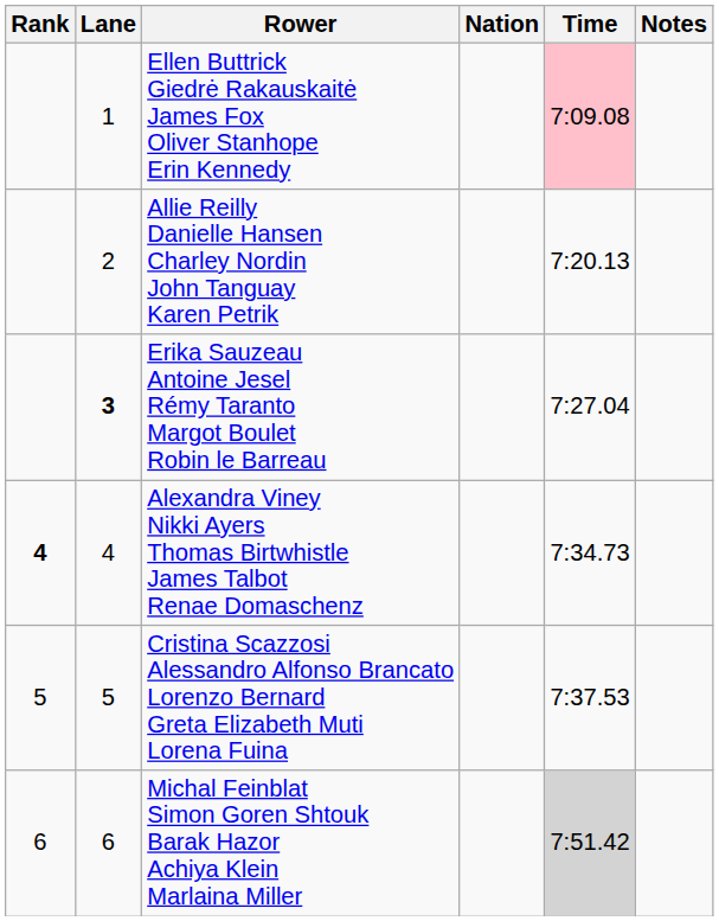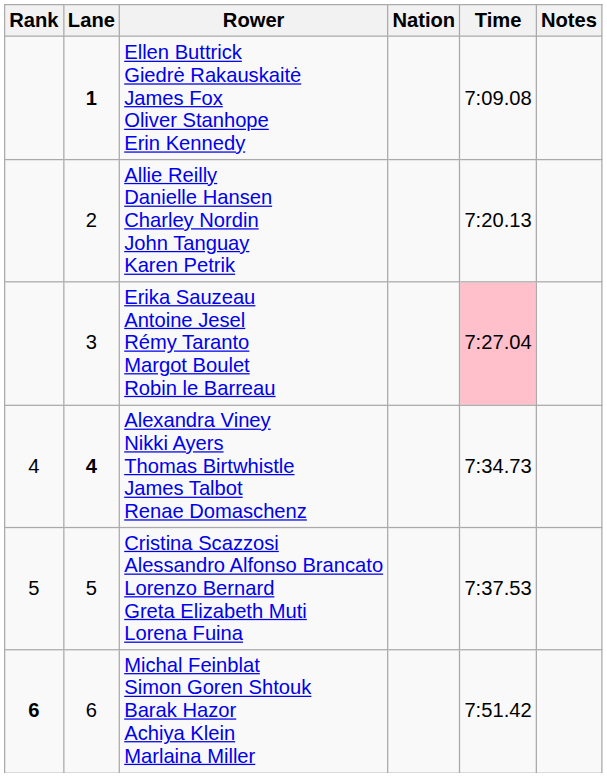 <table class="wikitable sortable" style="text-align:center">
 <tr>
 <th>Rank</th>
 <th>Lane</th>
 <th>Rower</th>
 <th>Nation</th>
 <th>Time</th>
 <th>Notes</th>
 </tr>
 <tr>
 <td></td>
-<td>1</td>
+<td><strong>1</strong></td>
 <td align="left"><a href='#'>Ellen Buttrick</a><br><a href='#'>Giedrė Rakauskaitė</a><br><a href='#'>James Fox</a><br><a href='#'>Oliver Stanhope</a><br><a href='#'>Erin Kennedy</a></td>
 <td align="left"></td>
-<td style="background: pink;">7:09.08</td>
+<td>7:09.08</td>
 <td></td>
 </tr>
 <tr>
 <td></td>
 <td>2</td>
 <td align="left"><a href='#'>Allie Reilly</a><br><a href='#'>Danielle Hansen</a><br><a href='#'>Charley Nordin</a><br><a href='#'>John Tanguay</a><br><a href='#'>Karen Petrik</a></td>
 <td align="left"></td>
 <td>7:20.13</td>
 <td></td>
 </tr>
 <tr>
 <td></td>
-<td><strong>3</strong></td>
+<td>3</td>
 <td align="left"><a href='#'>Erika Sauzeau</a><br><a href='#'>Antoine Jesel</a><br><a href='#'>Rémy Taranto</a><br><a href='#'>Margot Boulet</a><br><a href='#'>Robin le Barreau</a></td>
 <td align="left"></td>
-<td>7:27.04</td>
+<td style="background: pink;">7:27.04</td>
 <td></td>
 </tr>
 <tr>
+<td>4</td>
 <td><strong>4</strong></td>
-<td>4</td>
 <td align="left"><a href='#'>Alexandra Viney</a><br><a href='#'>Nikki Ayers</a><br><a href='#'>Thomas Birtwhistle</a><br><a href='#'>James Talbot</a><br><a href='#'>Renae Domaschenz</a></td>
 <td align="left"></td>
 <td>7:34.73</td>
 </tr>
 <tr>
 <td>5</td>
 <td>5</td>
 <td align="left"><a href='#'>Cristina Scazzosi</a><br><a href='#'>Alessandro Alfonso Brancato</a><br><a href='#'>Lorenzo Bernard</a><br><a href='#'>Greta Elizabeth Muti</a><br><a href='#'>Lorena Fuina</a></td>
 <td align="left"></td>
 <td>7:37.53</td>
 <td></td>
 </tr>
 <tr>
-<td>6</td>
+<td><strong>6</strong></td>
 <td>6</td>
 <td align="left"><a href='#'>Michal Feinblat</a><br><a href='#'>Simon Goren Shtouk</a><br><a href='#'>Barak Hazor</a><br><a href='#'>Achiya Klein</a><br><a href='#'>Marlaina Miller</a></td>
 <td align="left"></td>
-<td style="background: lightgrey;">7:51.42</td>
+<td>7:51.42</td>
 </tr>
 </table>
